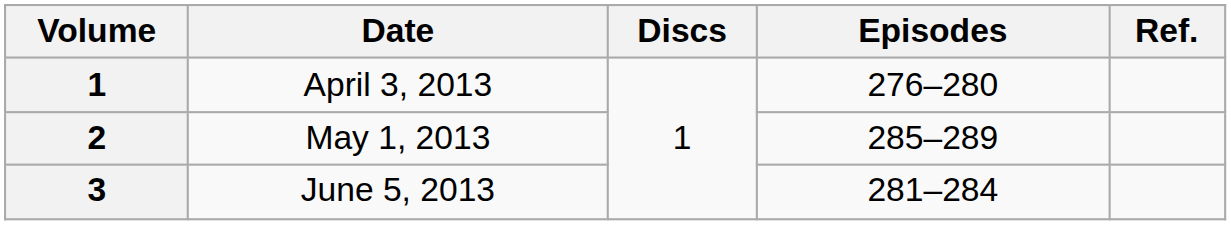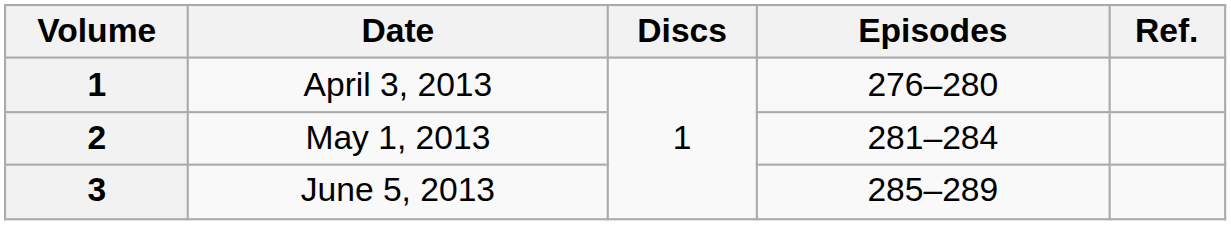 <table class="wikitable" style="text-align:center;">
 <tr>
 <th scope="col" style="width:5em;">Volume</th>
 <th scope="col" style="width:12em;">Date</th>
 <th scope="col" style="width:4em;">Discs</th>
 <th scope="col" style="width:10em;">Episodes</th>
 <th scope="col" style="width:3em;">Ref.</th>
 </tr>
 <tr>
 <th scope="row">1</th>
 <td>April 3, 2013</td>
 <td rowspan="3">1</td>
 <td>276–280</td>
 <td></td>
 </tr>
 <tr>
 <th scope="row">2</th>
 <td>May 1, 2013</td>
-<td>285–289</td>
+<td>281–284</td>
 <td></td>
 </tr>
 <tr>
 <th scope="row">3</th>
 <td>June 5, 2013</td>
-<td>281–284</td>
+<td>285–289</td>
 <td></td>
 </tr>
 </table>
